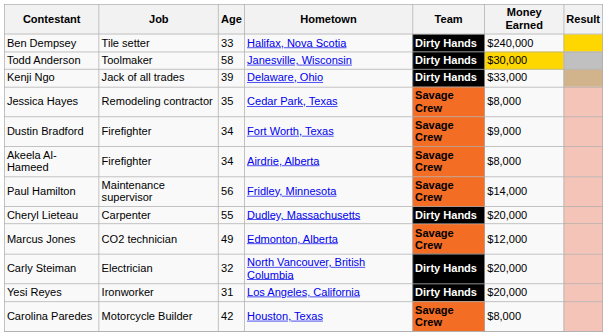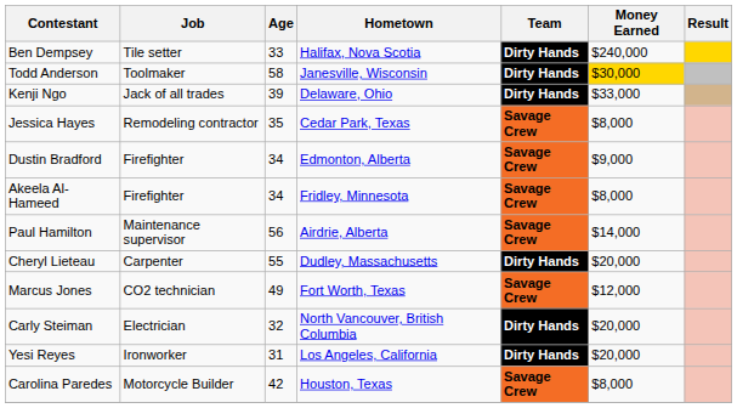 <table class="wikitable sortable">
 <tr>
 <th>Contestant</th>
 <th>Job</th>
 <th>Age</th>
 <th>Hometown</th>
 <th>Team</th>
 <th>Money Earned</th>
 <th>Result</th>
 </tr>
 <tr>
 <td>Ben Dempsey</td>
 <td>Tile setter</td>
 <td>33</td>
 <td><a href='#'>Halifax, Nova Scotia</a></td>
 <td style="background:#000000; color:#fff;"><strong>Dirty Hands</strong></td>
 <td>$240,000</td>
 <td style="background:gold; text'align:center;"></td>
 </tr>
 <tr>
 <td>Todd Anderson</td>
 <td>Toolmaker</td>
 <td>58</td>
 <td><a href='#'>Janesville, Wisconsin</a></td>
 <td style="background:#000000; color:#fff;"><strong>Dirty Hands</strong></td>
 <td style="background: gold;">$30,000</td>
 <td style="background:silver; text'align:center;"></td>
 </tr>
 <tr>
 <td>Kenji Ngo</td>
 <td>Jack of all trades</td>
 <td>39</td>
 <td><a href='#'>Delaware, Ohio</a></td>
 <td style="background:#000000; color:#fff;"><strong>Dirty Hands</strong></td>
 <td>$33,000</td>
 <td style="background:tan; text'align:center;"></td>
 </tr>
 <tr>
 <td>Jessica Hayes</td>
 <td>Remodeling contractor</td>
 <td>35</td>
 <td><a href='#'>Cedar Park, Texas</a></td>
 <td style="background:#F46D25; color:#000000;"><strong>Savage Crew</strong></td>
 <td>$8,000</td>
 <td style="background:#f4c4b8; text'align:center;"></td>
 </tr>
 <tr>
 <td>Dustin Bradford</td>
 <td>Firefighter</td>
 <td>34</td>
-<td><a href='#'>Fort Worth, Texas</a></td>
+<td><a href='#'>Edmonton, Alberta</a></td>
 <td style="background:#F46D25; color:#000000;"><strong>Savage Crew</strong></td>
 <td>$9,000</td>
 <td style="background:#f4c4b8; text'align:center;"></td>
 </tr>
 <tr>
 <td>Akeela Al-Hameed</td>
 <td>Firefighter</td>
 <td>34</td>
-<td><a href='#'>Airdrie, Alberta</a></td>
+<td><a href='#'>Fridley, Minnesota</a></td>
 <td style="background:#F46D25; color:#000000;"><strong>Savage Crew</strong></td>
 <td>$8,000</td>
 <td style="background:#f4c4b8; text'align:center;"></td>
 </tr>
 <tr>
 <td>Paul Hamilton</td>
 <td>Maintenance supervisor</td>
 <td>56</td>
-<td><a href='#'>Fridley, Minnesota</a></td>
+<td><a href='#'>Airdrie, Alberta</a></td>
 <td style="background:#F46D25; color:#000000;"><strong>Savage Crew</strong></td>
 <td>$14,000</td>
 <td style="background:#f4c4b8; text'align:center;"></td>
 </tr>
 <tr>
 <td>Cheryl Lieteau</td>
 <td>Carpenter</td>
 <td>55</td>
 <td><a href='#'>Dudley, Massachusetts</a></td>
 <td style="background:#000000; color:#fff;"><strong>Dirty Hands</strong></td>
 <td>$20,000</td>
 <td style="background:#f4c4b8; text'align:center;"></td>
 </tr>
 <tr>
 <td>Marcus Jones</td>
 <td>CO2 technician</td>
 <td>49</td>
-<td><a href='#'>Edmonton, Alberta</a></td>
+<td><a href='#'>Fort Worth, Texas</a></td>
 <td style="background:#F46D25; color:#000000;"><strong>Savage Crew</strong></td>
 <td>$12,000</td>
 <td style="background:#f4c4b8; text'align:center;"></td>
 </tr>
 <tr>
 <td>Carly Steiman</td>
 <td>Electrician</td>
 <td>32</td>
 <td><a href='#'>North Vancouver, British Columbia</a></td>
 <td style="background:#000000; color:#fff;"><strong>Dirty Hands</strong></td>
 <td>$20,000</td>
 <td style="background:#f4c4b8; text'align:center;"></td>
 </tr>
 <tr>
 <td>Yesi Reyes</td>
 <td>Ironworker</td>
 <td>31</td>
 <td><a href='#'>Los Angeles, California</a></td>
 <td style="background:#000000; color:#fff;"><strong>Dirty Hands</strong></td>
 <td>$20,000</td>
 <td style="background:#f4c4b8; text'align:center;"></td>
 </tr>
 <tr>
 <td>Carolina Paredes</td>
 <td>Motorcycle Builder</td>
 <td>42</td>
 <td><a href='#'>Houston, Texas</a></td>
 <td style="background:#F46D25; color:#000000;"><strong>Savage Crew</strong></td>
 <td>$8,000</td>
 <td style="background:#f4c4b8; text'align:center;"></td>
 </tr>
 <tr>
 </tr>
 </table>
